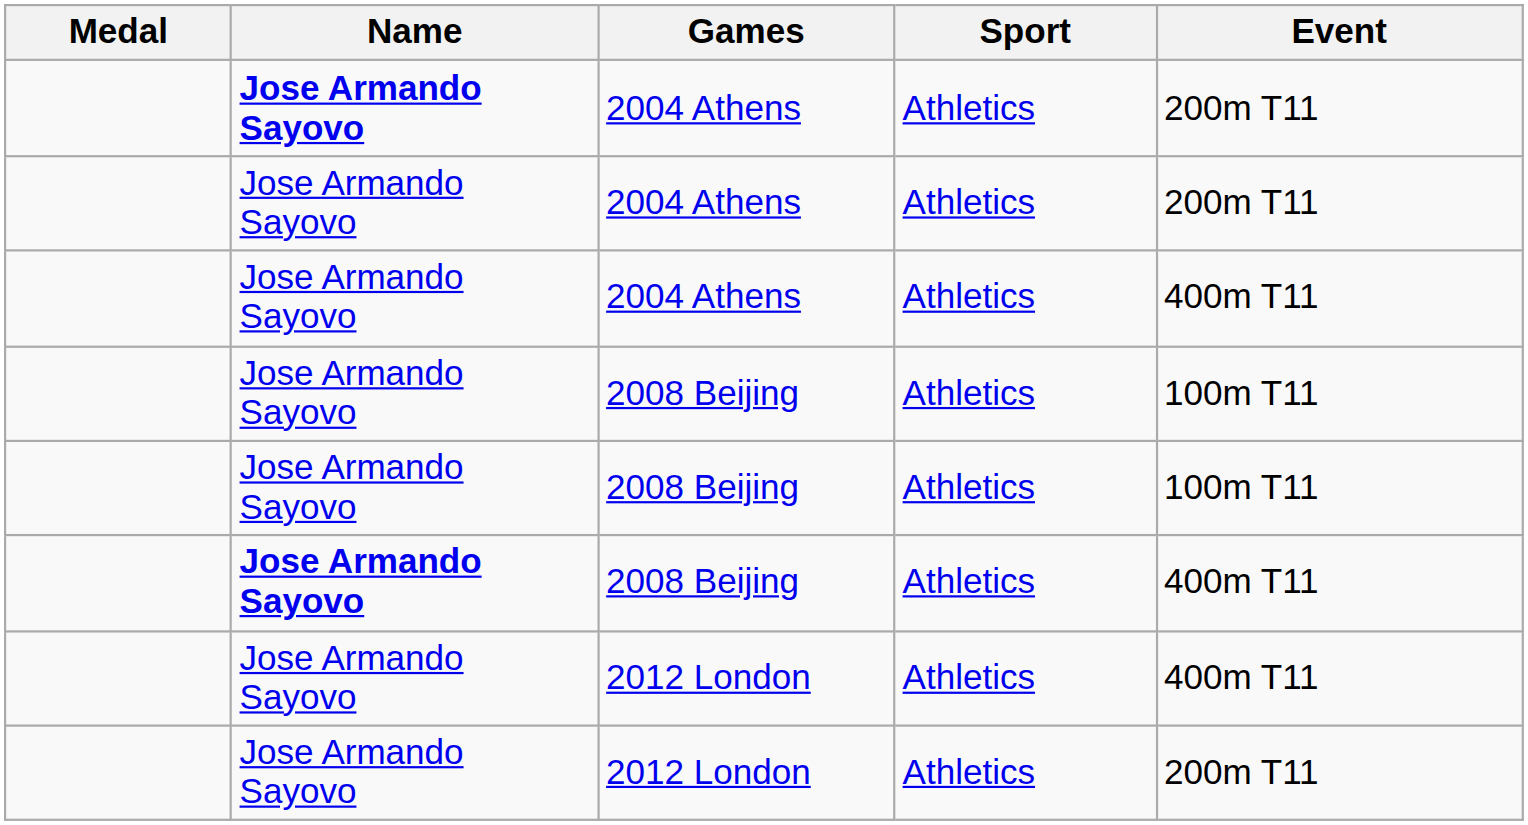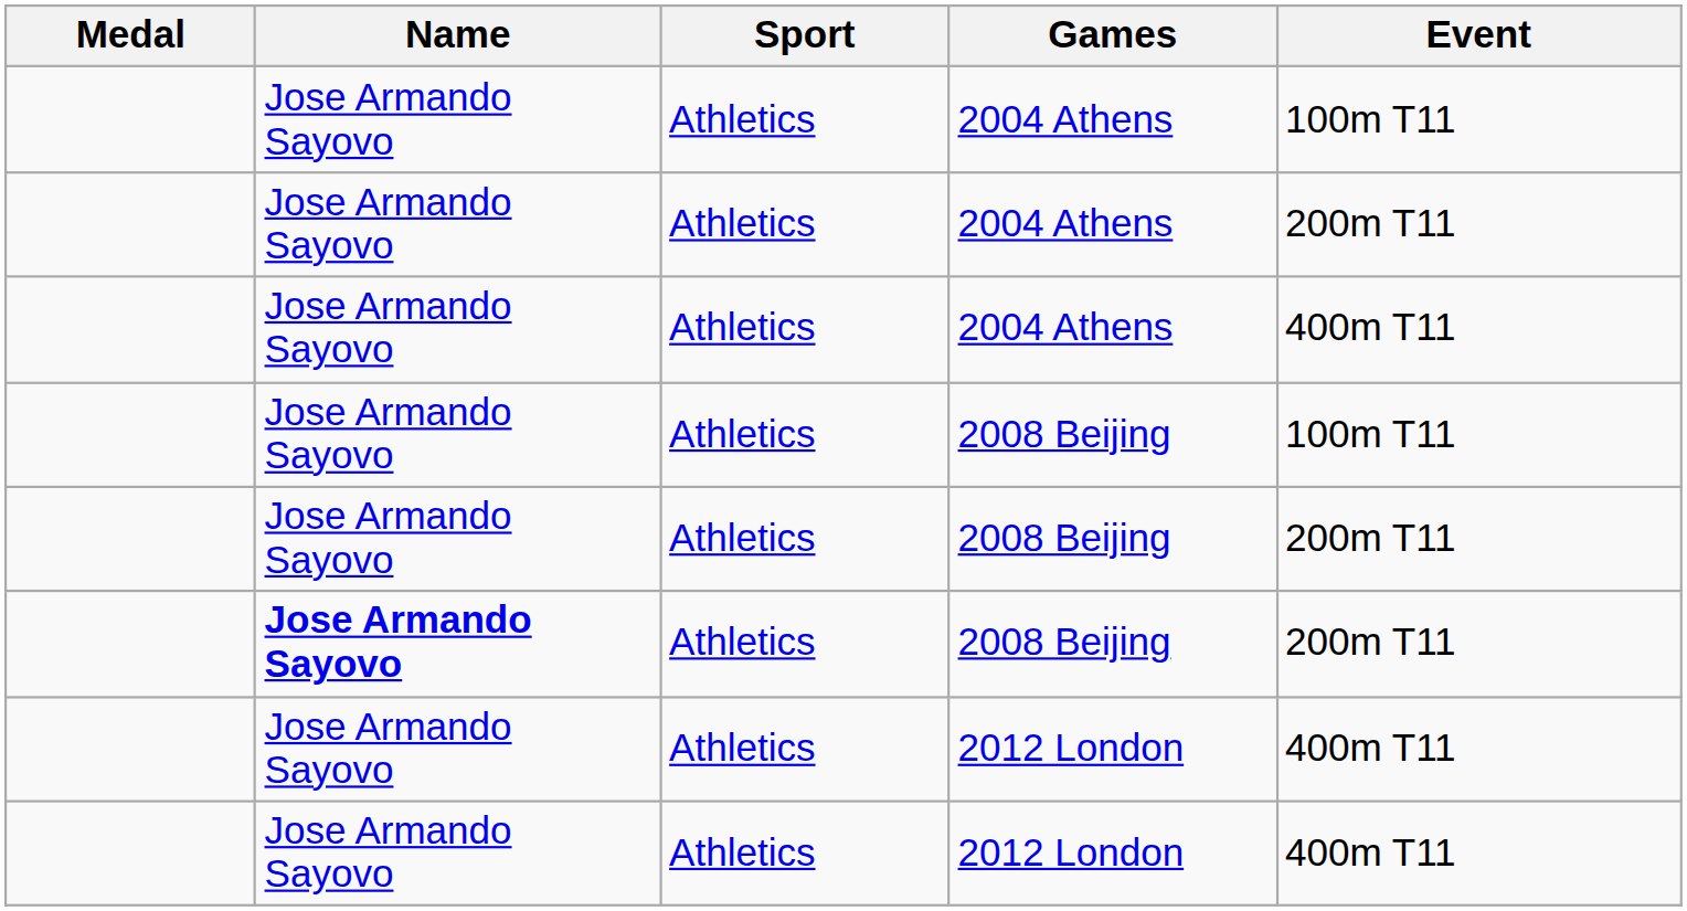 <table class="wikitable">
 <tr>
 <th style="width:6em">Medal</th>
 <th style="width:10em">Name</th>
+<th style="width:7em">Sport</th>
 <th style="width:8em">Games</th>
-<th style="width:7em">Sport</th>
 <th style="width:10em">Event</th>
 </tr>
 <tr>
 <td></td>
-<td><strong><a href='#'>Jose Armando Sayovo</a></strong></td>
+<td><a href='#'>Jose Armando Sayovo</a></td>
+<td> <a href='#'>Athletics</a></td>
 <td> <a href='#'>2004 Athens</a></td>
+<td>100m T11</td>
+</tr>
+<tr>
+<td></td>
+<td><a href='#'>Jose Armando Sayovo</a></td>
 <td> <a href='#'>Athletics</a></td>
+<td> <a href='#'>2004 Athens</a></td>
 <td>200m T11</td>
 </tr>
 <tr>
 <td></td>
 <td><a href='#'>Jose Armando Sayovo</a></td>
+<td> <a href='#'>Athletics</a></td>
 <td> <a href='#'>2004 Athens</a></td>
+<td>400m T11</td>
+</tr>
+<tr>
+<td></td>
+<td><a href='#'>Jose Armando Sayovo</a></td>
 <td> <a href='#'>Athletics</a></td>
+<td> <a href='#'>2008 Beijing</a></td>
+<td>100m T11</td>
+</tr>
+<tr>
+<td></td>
+<td><a href='#'>Jose Armando Sayovo</a></td>
+<td> <a href='#'>Athletics</a></td>
+<td> <a href='#'>2008 Beijing</a></td>
+<td>200m T11</td>
+</tr>
+<tr>
+<td></td>
+<td><strong><a href='#'>Jose Armando Sayovo</a></strong></td>
+<td> <a href='#'>Athletics</a></td>
+<td> <a href='#'>2008 Beijing</a></td>
 <td>200m T11</td>
 </tr>
 <tr>
 <td></td>
 <td><a href='#'>Jose Armando Sayovo</a></td>
-<td> <a href='#'>2004 Athens</a></td>
 <td> <a href='#'>Athletics</a></td>
+<td> <a href='#'>2012 London</a></td>
 <td>400m T11</td>
 </tr>
 <tr>
 <td></td>
 <td><a href='#'>Jose Armando Sayovo</a></td>
-<td> <a href='#'>2008 Beijing</a></td>
 <td> <a href='#'>Athletics</a></td>
-<td>100m T11</td>
-</tr>
-<tr>
-<td></td>
-<td><a href='#'>Jose Armando Sayovo</a></td>
-<td> <a href='#'>2008 Beijing</a></td>
-<td> <a href='#'>Athletics</a></td>
-<td>100m T11</td>
-</tr>
-<tr>
-<td></td>
-<td><strong><a href='#'>Jose Armando Sayovo</a></strong></td>
-<td> <a href='#'>2008 Beijing</a></td>
-<td> <a href='#'>Athletics</a></td>
+<td> <a href='#'>2012 London</a></td>
 <td>400m T11</td>
 </tr>
-<tr>
-<td></td>
-<td><a href='#'>Jose Armando Sayovo</a></td>
-<td> <a href='#'>2012 London</a></td>
-<td> <a href='#'>Athletics</a></td>
-<td>400m T11</td>
-</tr>
-<tr>
-<td></td>
-<td><a href='#'>Jose Armando Sayovo</a></td>
-<td> <a href='#'>2012 London</a></td>
-<td> <a href='#'>Athletics</a></td>
-<td>200m T11</td>
-</tr>
 </table>
